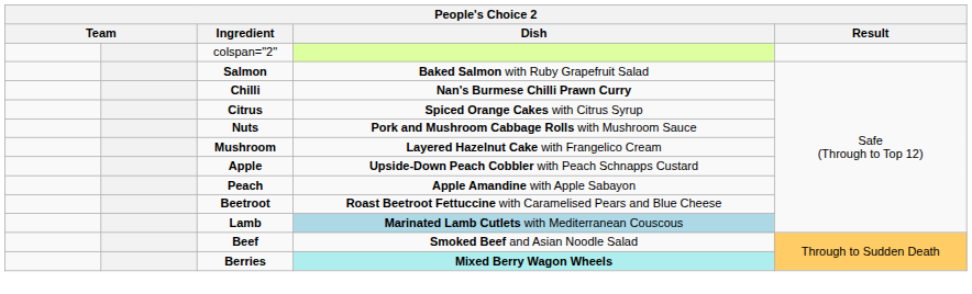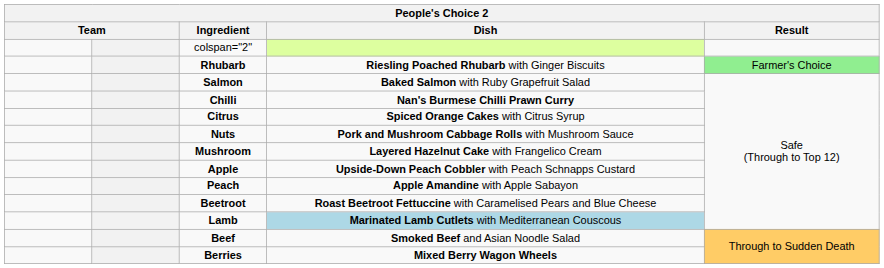 <table class="wikitable plainrowheaders" style="margin:1em auto; text-align:center; font-size:90%; width:80em;">
 <tr>
 <th colspan="5" >People's Choice 2</th>
 </tr>
 <tr>
 <th style="width:20%;" colspan="2">Team</th>
 <th style="width:10%;">Ingredient</th>
 <th style="width:50%;">Dish</th>
 <th style="width:20%;">Result</th>
 </tr>
 <tr>
 <td></td>
 <th></th>
 <td>colspan="2" </td>
 <td bgcolor="DDFF9F"></td>
+</tr>
+<tr>
+<td></td>
+<th></th>
+<td><strong>Rhubarb</strong></td>
+<td><strong>Riesling Poached Rhubarb</strong> with Ginger Biscuits</td>
+<td bgcolor="lightgreen">Farmer's Choice</td>
 </tr>
 <tr>
 <td></td>
 <th></th>
 <td><strong>Salmon</strong></td>
 <td><strong>Baked Salmon</strong> with Ruby Grapefruit Salad</td>
 <td rowspan="9">Safe<br>(Through to Top 12)</td>
 </tr>
 <tr>
 <td></td>
 <th></th>
 <td><strong>Chilli</strong></td>
 <td><strong>Nan's Burmese Chilli Prawn Curry</strong></td>
 </tr>
 <tr>
 <td></td>
 <th></th>
 <td><strong>Citrus</strong></td>
 <td><strong>Spiced Orange Cakes</strong> with Citrus Syrup</td>
 </tr>
 <tr>
 <td></td>
 <th></th>
 <td><strong>Nuts</strong></td>
 <td><strong>Pork and Mushroom Cabbage Rolls</strong> with Mushroom Sauce</td>
 </tr>
 <tr>
 <td></td>
 <th></th>
 <td><strong>Mushroom</strong></td>
 <td><strong>Layered Hazelnut Cake</strong> with Frangelico Cream</td>
 </tr>
 <tr>
 <td></td>
 <th></th>
 <td><strong>Apple</strong></td>
 <td><strong>Upside-Down Peach Cobbler</strong> with Peach Schnapps Custard</td>
 </tr>
 <tr>
 <td></td>
 <th></th>
 <td><strong>Peach</strong></td>
 <td><strong>Apple Amandine</strong> with Apple Sabayon</td>
 </tr>
 <tr>
 <td></td>
 <th></th>
 <td><strong>Beetroot</strong></td>
 <td><strong>Roast Beetroot Fettuccine</strong> with Caramelised Pears and Blue Cheese</td>
 </tr>
 <tr>
 <td></td>
 <th></th>
 <td><strong>Lamb</strong></td>
 <td style="background: lightblue;"><strong>Marinated Lamb Cutlets</strong> with Mediterranean Couscous</td>
 </tr>
 <tr>
 <td></td>
 <th></th>
 <td><strong>Beef</strong></td>
 <td><strong>Smoked Beef</strong> and Asian Noodle Salad</td>
 <td rowspan="2" bgcolor="FFCC66">Through to Sudden Death</td>
 </tr>
 <tr>
 <td></td>
 <th></th>
 <td><strong>Berries</strong></td>
-<td style="background: paleturquoise;"><strong>Mixed Berry Wagon Wheels</strong></td>
+<td><strong>Mixed Berry Wagon Wheels</strong></td>
 </tr>
 </table>
